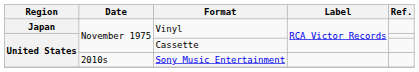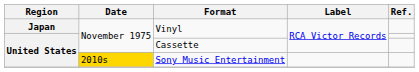 <table class="wikitable plainrowheaders">
 <tr>
 <th scope="col">Region</th>
 <th scope="col">Date</th>
 <th scope="col">Format</th>
 <th scope="col">Label</th>
 <th scope="col">Ref.</th>
 </tr>
 <tr>
 <th scope="row">Japan</th>
 <td rowspan="3">November 1975</td>
 <td rowspan="2">Vinyl</td>
 <td rowspan="3"><a href='#'>RCA Victor Records</a></td>
 <td></td>
 </tr>
 <tr>
 <th scope="row" rowspan="3">United States</th>
 <td></td>
 </tr>
 <tr>
 <td>Cassette</td>
 <td></td>
 </tr>
 <tr>
-<td>2010s</td>
+<td style="background: gold;">2010s</td>
 <td><a href='#'>Sony Music Entertainment</a></td>
 <td></td>
 <td></td>
 </tr>
 <tr>
 </tr>
 </table>
